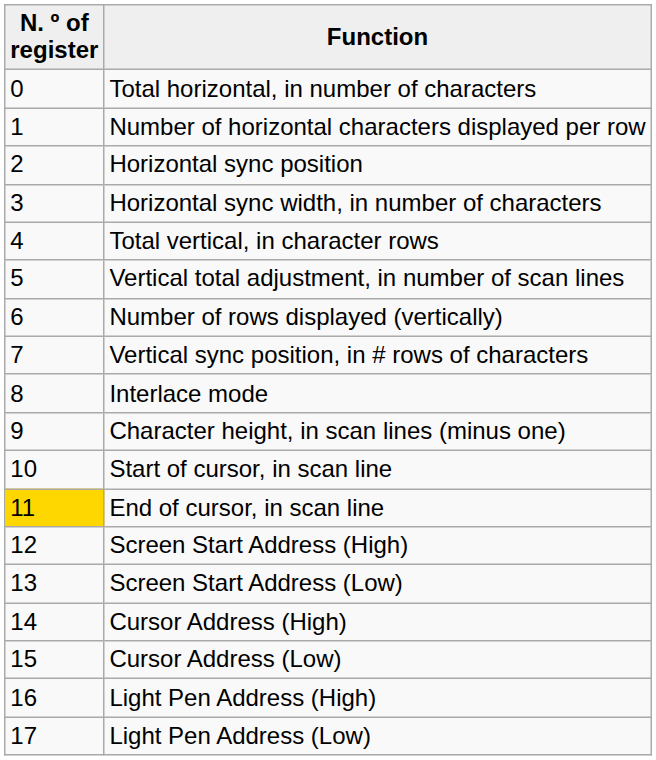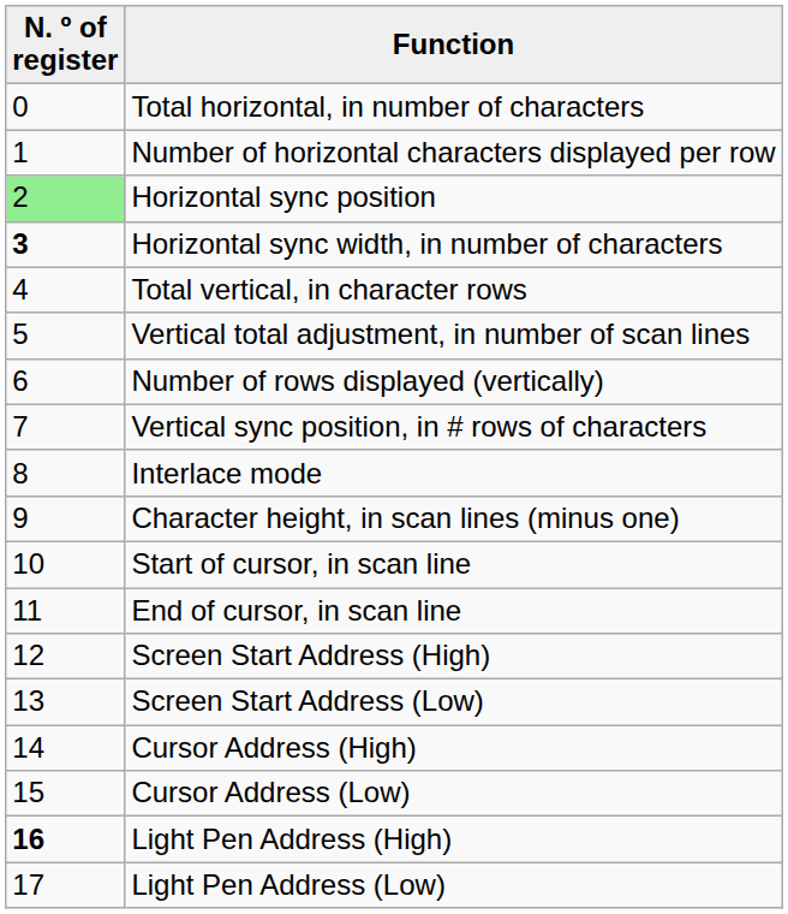 <table class="wikitable">
 <tr>
 <th style="background:#efefef;">N. º of<br>register</th>
 <th style="background:#efefef;">Function</th>
 </tr>
 <tr>
 <td>0</td>
 <td>Total horizontal, in number of characters</td>
 </tr>
 <tr>
 <td>1</td>
 <td>Number of horizontal characters displayed per row</td>
 </tr>
 <tr>
-<td>2</td>
+<td style="background: lightgreen;">2</td>
 <td>Horizontal sync position</td>
 </tr>
 <tr>
-<td>3</td>
+<td><strong>3</strong></td>
 <td>Horizontal sync width, in number of characters</td>
 </tr>
 <tr>
 <td>4</td>
 <td>Total vertical, in character rows</td>
 </tr>
 <tr>
 <td>5</td>
 <td>Vertical total adjustment, in number of scan lines</td>
 </tr>
 <tr>
 <td>6</td>
 <td>Number of rows displayed (vertically)</td>
 </tr>
 <tr>
 <td>7</td>
 <td>Vertical sync position, in # rows of characters</td>
 </tr>
 <tr>
 <td>8</td>
 <td>Interlace mode</td>
 </tr>
 <tr>
 <td>9</td>
 <td>Character height, in scan lines (minus one)</td>
 </tr>
 <tr>
 <td>10</td>
 <td>Start of cursor, in scan line</td>
 </tr>
 <tr>
-<td style="background: gold;">11</td>
+<td>11</td>
 <td>End of cursor, in scan line</td>
 </tr>
 <tr>
 <td>12</td>
 <td>Screen Start Address (High)</td>
 </tr>
 <tr>
 <td>13</td>
 <td>Screen Start Address (Low)</td>
 </tr>
 <tr>
 <td>14</td>
 <td>Cursor Address (High)</td>
 </tr>
 <tr>
 <td>15</td>
 <td>Cursor Address (Low)</td>
 </tr>
 <tr>
-<td>16</td>
+<td><strong>16</strong></td>
 <td>Light Pen Address (High)</td>
 </tr>
 <tr>
 <td>17</td>
 <td>Light Pen Address (Low)</td>
 </tr>
 </table>
